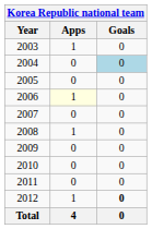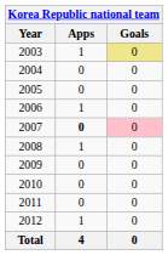 <table class="wikitable" style="text-align:center">
 <tr>
 <th colspan=3><a href='#'>Korea Republic national team</a></th>
 </tr>
 <tr>
 <th>Year</th>
 <th>Apps</th>
 <th>Goals</th>
 </tr>
 <tr>
 <td>2003</td>
 <td>1</td>
-<td>0</td>
+<td style="background: khaki;">0</td>
 </tr>
 <tr>
 <td>2004</td>
 <td>0</td>
-<td style="background: lightblue;">0</td>
+<td>0</td>
 </tr>
 <tr>
 <td>2005</td>
 <td>0</td>
 <td>0</td>
 </tr>
 <tr>
 <td>2006</td>
-<td style="background: lightyellow;">1</td>
+<td>1</td>
 <td>0</td>
 </tr>
 <tr>
 <td>2007</td>
-<td>0</td>
-<td>0</td>
+<td><strong>0</strong></td>
+<td style="background: pink;">0</td>
 </tr>
 <tr>
 <td>2008</td>
 <td>1</td>
 <td>0</td>
 </tr>
 <tr>
 <td>2009</td>
 <td>0</td>
 <td>0</td>
 </tr>
 <tr>
 <td>2010</td>
 <td>0</td>
 <td>0</td>
 </tr>
 <tr>
 <td>2011</td>
 <td>0</td>
 <td>0</td>
 </tr>
 <tr>
 <td>2012</td>
 <td>1</td>
-<td><strong>0</strong></td>
+<td>0</td>
 </tr>
 <tr>
 <th>Total</th>
 <th>4</th>
 <th>0</th>
 </tr>
 </table>
